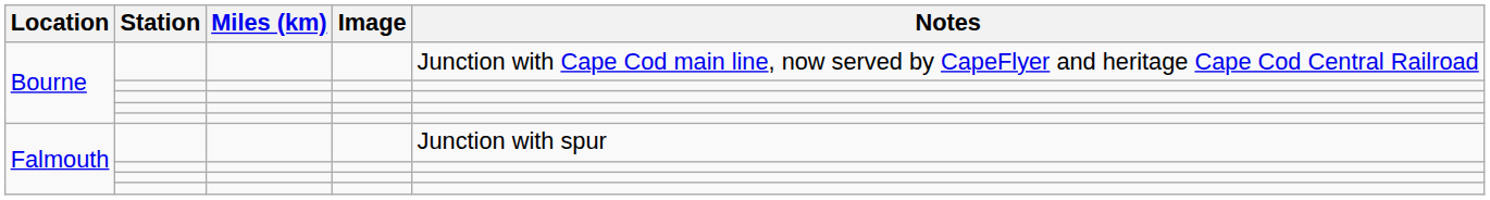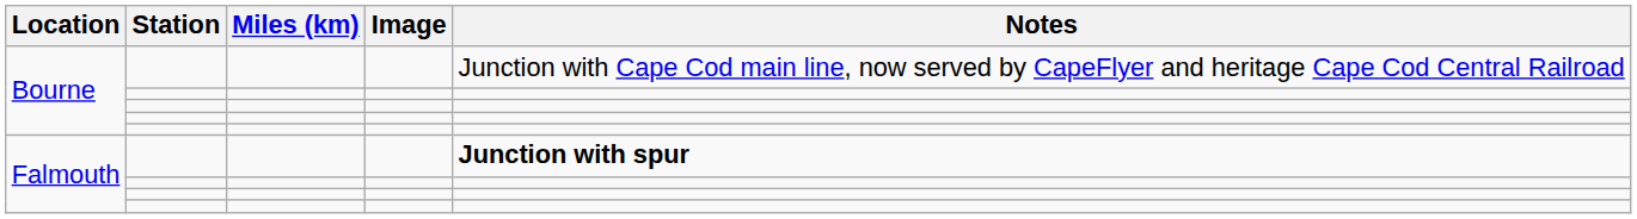 <table class="wikitable">
 <tr>
 <th>Location</th>
 <th>Station</th>
 <th><a href='#'>Miles (km)</a></th>
 <th>Image</th>
 <th>Notes</th>
 </tr>
 <tr>
 <td rowspan=5><a href='#'>Bourne</a></td>
 <td></td>
 <td></td>
 <td></td>
 <td>Junction with <a href='#'>Cape Cod main line</a>, now served by <a href='#'>CapeFlyer</a> and heritage <a href='#'>Cape Cod Central Railroad</a></td>
 </tr>
 <tr>
 <td></td>
 <td></td>
 <td></td>
 <td></td>
 </tr>
 <tr>
 <td></td>
 <td></td>
 <td></td>
 <td></td>
 </tr>
 <tr>
 <td></td>
 <td></td>
 <td></td>
 <td></td>
 </tr>
 <tr>
 <td></td>
 <td></td>
 <td></td>
 <td></td>
 </tr>
 <tr>
 <td rowspan=4><a href='#'>Falmouth</a></td>
 <td></td>
 <td></td>
 <td></td>
-<td>Junction with  spur</td>
+<td><strong>Junction with  spur</strong></td>
 </tr>
 <tr>
 <td></td>
 <td></td>
 <td></td>
 <td></td>
 </tr>
 <tr>
 <td></td>
 <td></td>
 <td></td>
 <td></td>
 </tr>
 <tr>
 <td></td>
 <td></td>
 <td></td>
 <td></td>
 </tr>
 </table>
